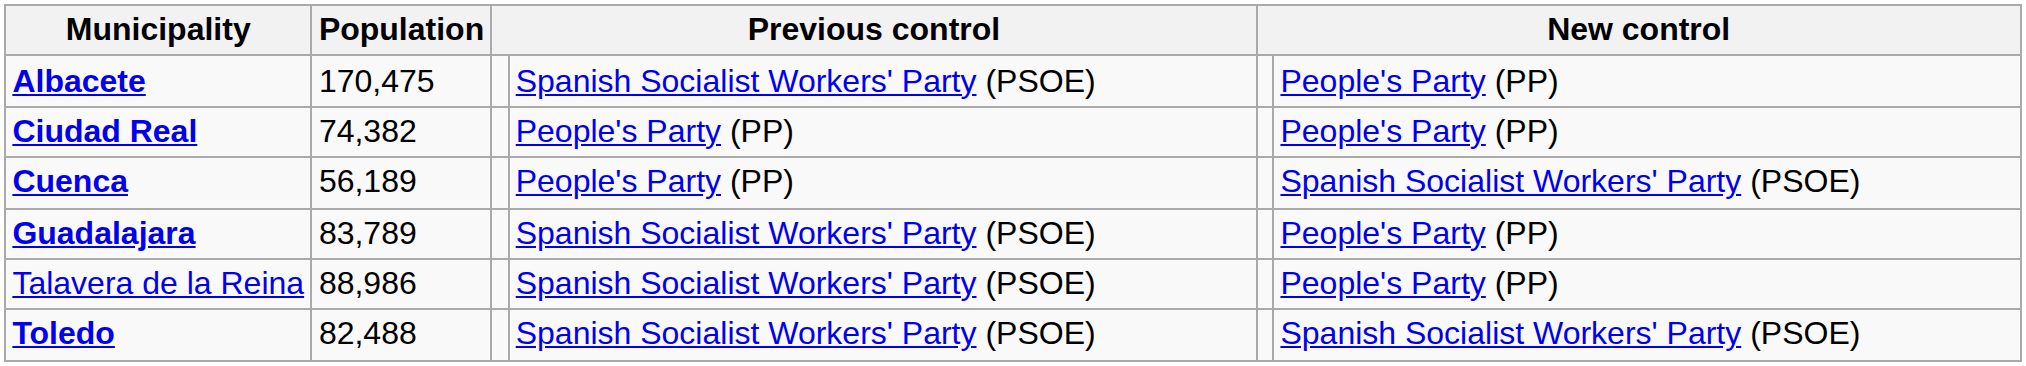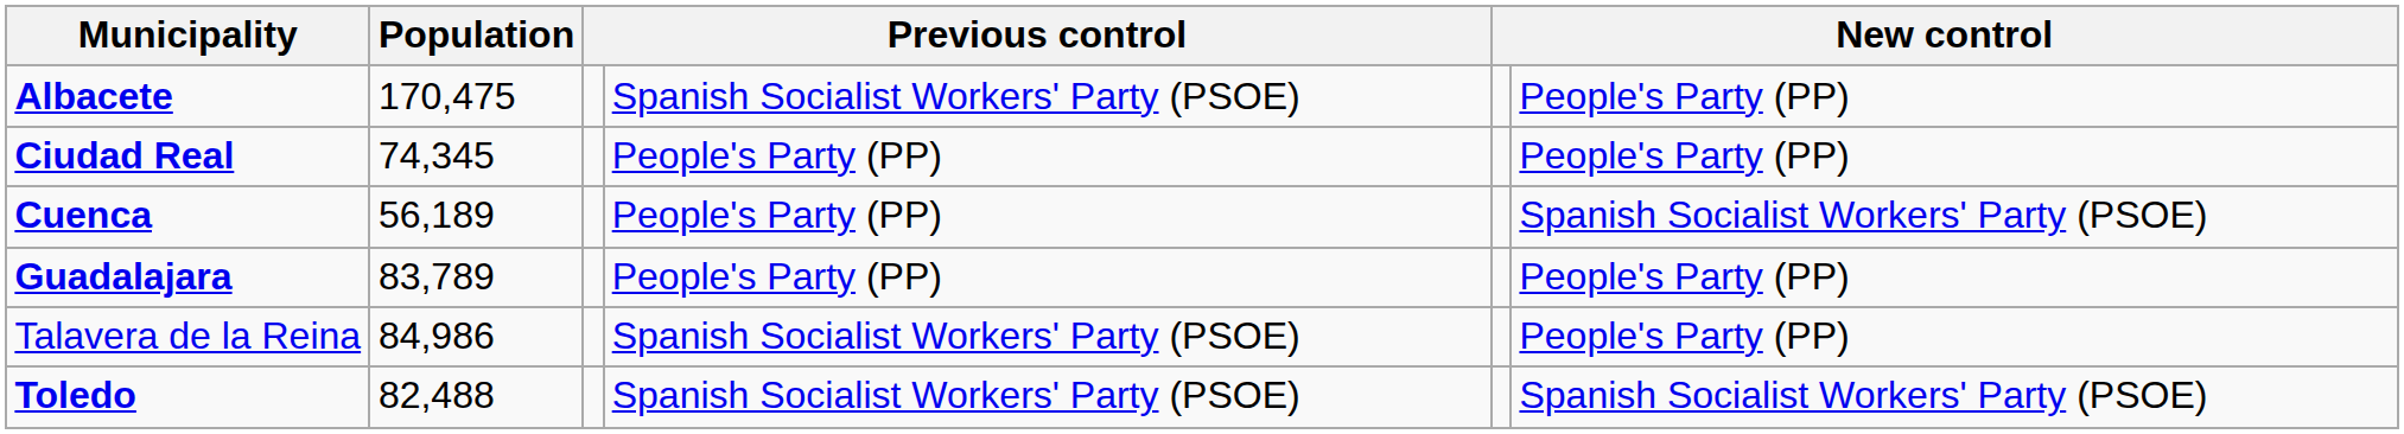 <table class="wikitable sortable">
 <tr>
 <th>Municipality</th>
 <th>Population</th>
 <th colspan="2" style="width:375px;">Previous control</th>
 <th colspan="2" style="width:375px;">New control</th>
 </tr>
 <tr>
 <td><strong><a href='#'>Albacete</a></strong></td>
 <td>170,475</td>
 <td width="1" style="color:inherit;background:"></td>
 <td><a href='#'>Spanish Socialist Workers' Party</a> (PSOE)</td>
 <td width="1" style="color:inherit;background:"></td>
 <td><a href='#'>People's Party</a> (PP)</td>
 </tr>
 <tr>
 <td><strong><a href='#'>Ciudad Real</a></strong></td>
-<td>74,382</td>
+<td>74,345</td>
 <td style="color:inherit;background:"></td>
 <td><a href='#'>People's Party</a> (PP)</td>
 <td style="color:inherit;background:"></td>
 <td><a href='#'>People's Party</a> (PP)</td>
 </tr>
 <tr>
 <td><strong><a href='#'>Cuenca</a></strong></td>
 <td>56,189</td>
 <td style="color:inherit;background:"></td>
 <td><a href='#'>People's Party</a> (PP)</td>
 <td style="color:inherit;background:"></td>
 <td><a href='#'>Spanish Socialist Workers' Party</a> (PSOE)</td>
 </tr>
 <tr>
 <td><strong><a href='#'>Guadalajara</a></strong></td>
 <td>83,789</td>
 <td style="color:inherit;background:"></td>
-<td><a href='#'>Spanish Socialist Workers' Party</a> (PSOE)</td>
+<td><a href='#'>People's Party</a> (PP)</td>
 <td style="color:inherit;background:"></td>
 <td><a href='#'>People's Party</a> (PP)</td>
 </tr>
 <tr>
 <td><a href='#'>Talavera de la Reina</a></td>
-<td>88,986</td>
+<td>84,986</td>
 <td style="color:inherit;background:"></td>
 <td><a href='#'>Spanish Socialist Workers' Party</a> (PSOE)</td>
 <td style="color:inherit;background:"></td>
 <td><a href='#'>People's Party</a> (PP)</td>
 </tr>
 <tr>
 <td><strong><a href='#'>Toledo</a></strong></td>
 <td>82,488</td>
 <td style="color:inherit;background:"></td>
 <td><a href='#'>Spanish Socialist Workers' Party</a> (PSOE)</td>
 <td style="color:inherit;background:"></td>
 <td><a href='#'>Spanish Socialist Workers' Party</a> (PSOE)</td>
 </tr>
 </table>
